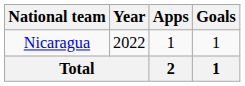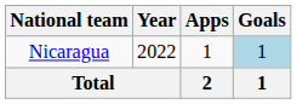 <table class="wikitable" style="text-align: center;">
 <tr>
 <th>National team</th>
 <th>Year</th>
 <th>Apps</th>
 <th>Goals</th>
 </tr>
 <tr>
 <td><a href='#'>Nicaragua</a></td>
 <td>2022</td>
 <td>1</td>
-<td>1</td>
+<td style="background: lightblue;">1</td>
 </tr>
 <tr>
 <th colspan="2">Total</th>
 <th>2</th>
 <th>1</th>
 </tr>
 </table>
